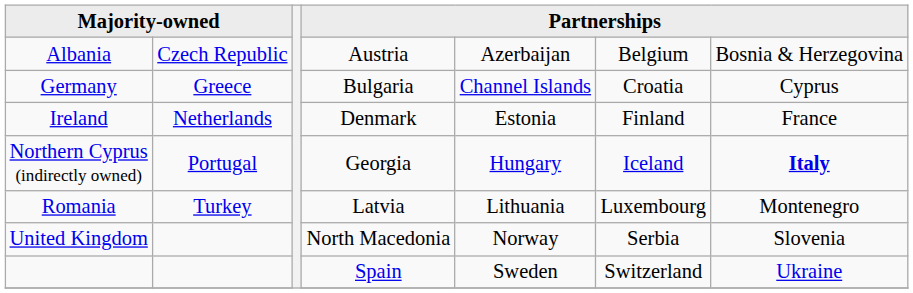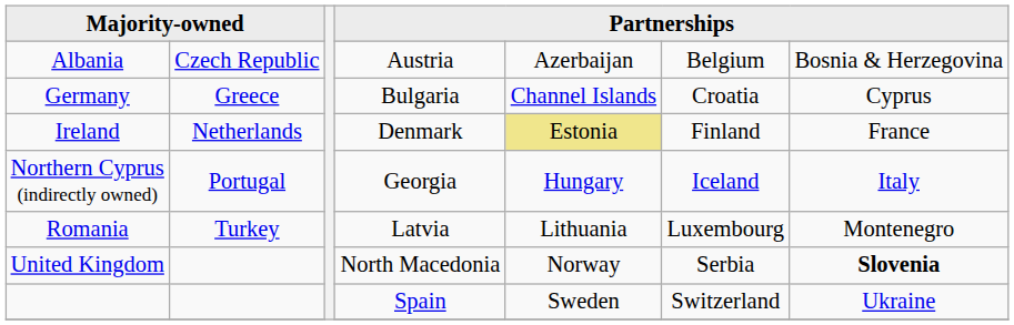 <table class="wikitable" style="float:right; margin-left:1em; clear:right; text-align: center;">
 <tr>
 <th style="background:#ececec;" colspan="2">Majority-owned</th>
 <th rowspan=9></th>
 <th style="background:#ececec;" colspan="4">Partnerships</th>
 </tr>
 <tr>
 <td><a href='#'>Albania</a></td>
 <td><a href='#'>Czech Republic</a></td>
 <td>Austria</td>
 <td>Azerbaijan</td>
 <td>Belgium</td>
 <td>Bosnia & Herzegovina</td>
 </tr>
 <tr>
 <td><a href='#'>Germany</a></td>
 <td><a href='#'>Greece</a></td>
 <td>Bulgaria</td>
 <td><a href='#'>Channel Islands</a></td>
 <td>Croatia</td>
 <td>Cyprus</td>
 </tr>
 <tr>
 <td><a href='#'>Ireland</a></td>
 <td><a href='#'>Netherlands</a></td>
 <td>Denmark</td>
-<td>Estonia</td>
+<td style="background: khaki;">Estonia</td>
 <td>Finland</td>
 <td>France</td>
 </tr>
 <tr>
 <td><a href='#'>Northern Cyprus</a><br><small>(indirectly owned)</small></td>
 <td><a href='#'>Portugal</a></td>
 <td>Georgia</td>
 <td><a href='#'>Hungary</a></td>
 <td><a href='#'>Iceland</a></td>
-<td><strong><a href='#'>Italy</a></strong></td>
+<td><a href='#'>Italy</a></td>
 </tr>
 <tr>
 <td><a href='#'>Romania</a></td>
 <td><a href='#'>Turkey</a></td>
 <td>Latvia</td>
 <td>Lithuania</td>
 <td>Luxembourg</td>
 <td>Montenegro</td>
 </tr>
 <tr>
 <td><a href='#'>United Kingdom</a></td>
 <td></td>
 <td>North Macedonia</td>
 <td>Norway</td>
 <td>Serbia</td>
-<td>Slovenia</td>
+<td><strong>Slovenia</strong></td>
 </tr>
 <tr>
 <td></td>
 <td></td>
 <td><a href='#'>Spain</a></td>
 <td>Sweden</td>
 <td>Switzerland</td>
 <td><a href='#'>Ukraine</a></td>
 </tr>
 <tr>
 </tr>
 </table>
